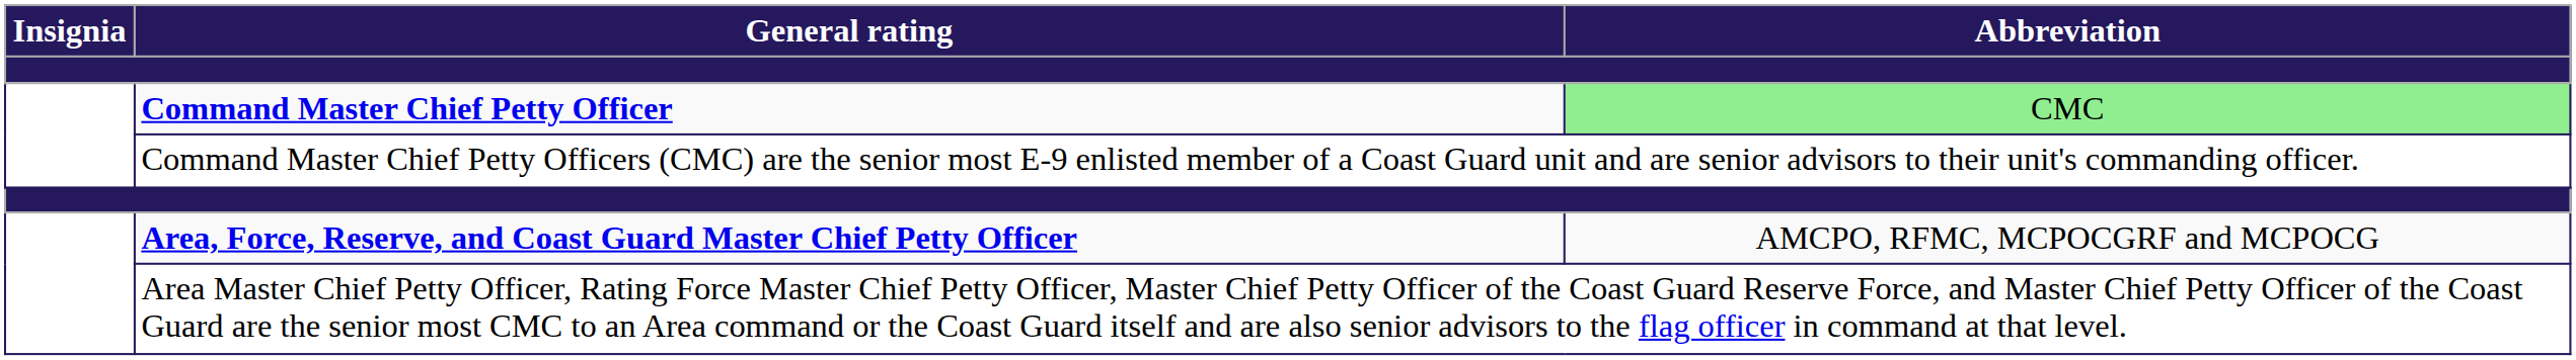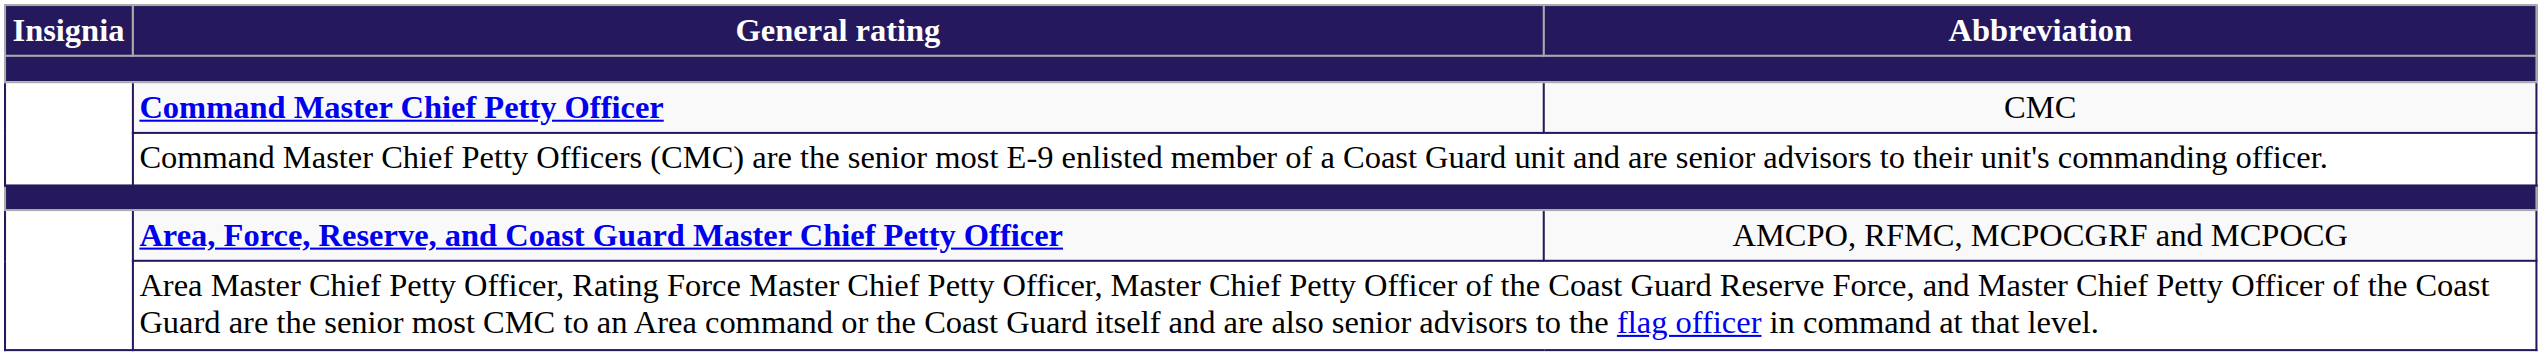 <table class="wikitable" style="border: 1px solid #25185d; ">
 <tr>
 <th style="background-color: #25185d; color: white">Insignia</th>
 <th style="background-color: #25185d; color: white">General rating</th>
 <th style="background-color: #25185d; color: white">Abbreviation</th>
 </tr>
 <tr>
 <td colspan="3" style="background:#25185d;" height=5px></td>
 </tr>
 <tr>
 <td style="border: 1px solid #25185d; background-color: #FFFFFF" rowspan="2"></td>
 <td style="border: 1px solid #25185d;"><strong><a href='#'>Command Master Chief Petty Officer</a></strong></td>
-<td style="background: lightgreen; border: 1px solid #25185d; text-align: center">CMC</td>
+<td style="border: 1px solid #25185d; text-align: center">CMC</td>
 </tr>
 <tr style="border: 1px solid #25185d; background-color: #FFFFFF" |>
 <td style="border: 1px solid #25185d;" colspan="2" valign="top">Command Master Chief Petty Officers (CMC) are the senior most E-9 enlisted member of a Coast Guard unit and are senior advisors to their unit's commanding officer.</td>
 </tr>
 <tr>
 <td colspan="3" style="background:#25185d;" height=5px></td>
 </tr>
 <tr>
 <td style="border: 1px solid #25185d; background-color: #FFFFFF" rowspan="2"></td>
 <td style="border: 1px solid #25185d;"><strong><a href='#'>Area, Force, Reserve, and Coast Guard Master Chief Petty Officer</a></strong></td>
 <td style="border: 1px solid #25185d; text-align: center">AMCPO, RFMC, MCPOCGRF and MCPOCG</td>
 </tr>
 <tr style="border: 1px solid #25185d; background-color: #FFFFFF" |>
 <td style="border: 1px solid #25185d;" colspan="2" valign="top">Area Master Chief Petty Officer, Rating Force Master Chief Petty Officer, Master Chief Petty Officer of the Coast Guard Reserve Force, and Master Chief Petty Officer of the Coast Guard are the senior most CMC to an Area command or the Coast Guard itself and are also senior advisors to the <a href='#'>flag officer</a> in command at that level.</td>
 </tr>
 </table>
